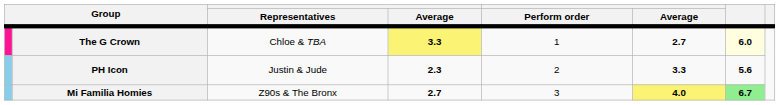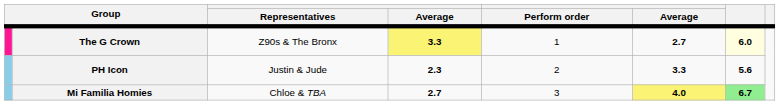 <table class="wikitable plainrowheaders" style="text-align:center; width:100%">
 <tr>
 <th colspan="2" rowspan="2">Group</th>
 <th colspan="2"></th>
 <th colspan="2"></th>
 <th rowspan="2"></th>
 <th rowspan="2"></th>
 </tr>
 <tr>
 <th>Representatives</th>
 <th>Average</th>
 <th>Perform order</th>
 <th>Average</th>
 </tr>
 <tr style="border-top: 7px solid; height: 3em;">
 <th width="01%" style="background:#FF1493;"></th>
 <th>The G Crown</th>
-<td>Chloe & <em>TBA</em></td>
+<td>Z90s & The Bronx</td>
 <td style="background:#FBF373;"><strong>3.3</strong><br></td>
 <td>1</td>
 <td><strong>2.7</strong><br></td>
 <td style="background: lightyellow;"><strong>6.0</strong><br></td>
 <td rowspan="3"></td>
 </tr>
 <tr style="height: 3em;">
 <th width="01%" style="background:#87ceeb;"></th>
 <th>PH Icon</th>
 <td>Justin & Jude</td>
 <td><strong>2.3</strong><br></td>
 <td>2</td>
 <td><strong>3.3</strong><br></td>
 <td><strong>5.6</strong><br></td>
 </tr>
 <tr>
 <th width="01%" style="background:#87ceeb;"></th>
 <th>Mi Familia Homies</th>
-<td>Z90s & The Bronx</td>
+<td>Chloe & <em>TBA</em></td>
 <td><strong>2.7</strong><br></td>
 <td>3</td>
 <td style="background:#FBF373;"><strong>4.0</strong><br></td>
 <td style="background:#90ee90;"><strong>6.7</strong><br></td>
 </tr>
 </table>
